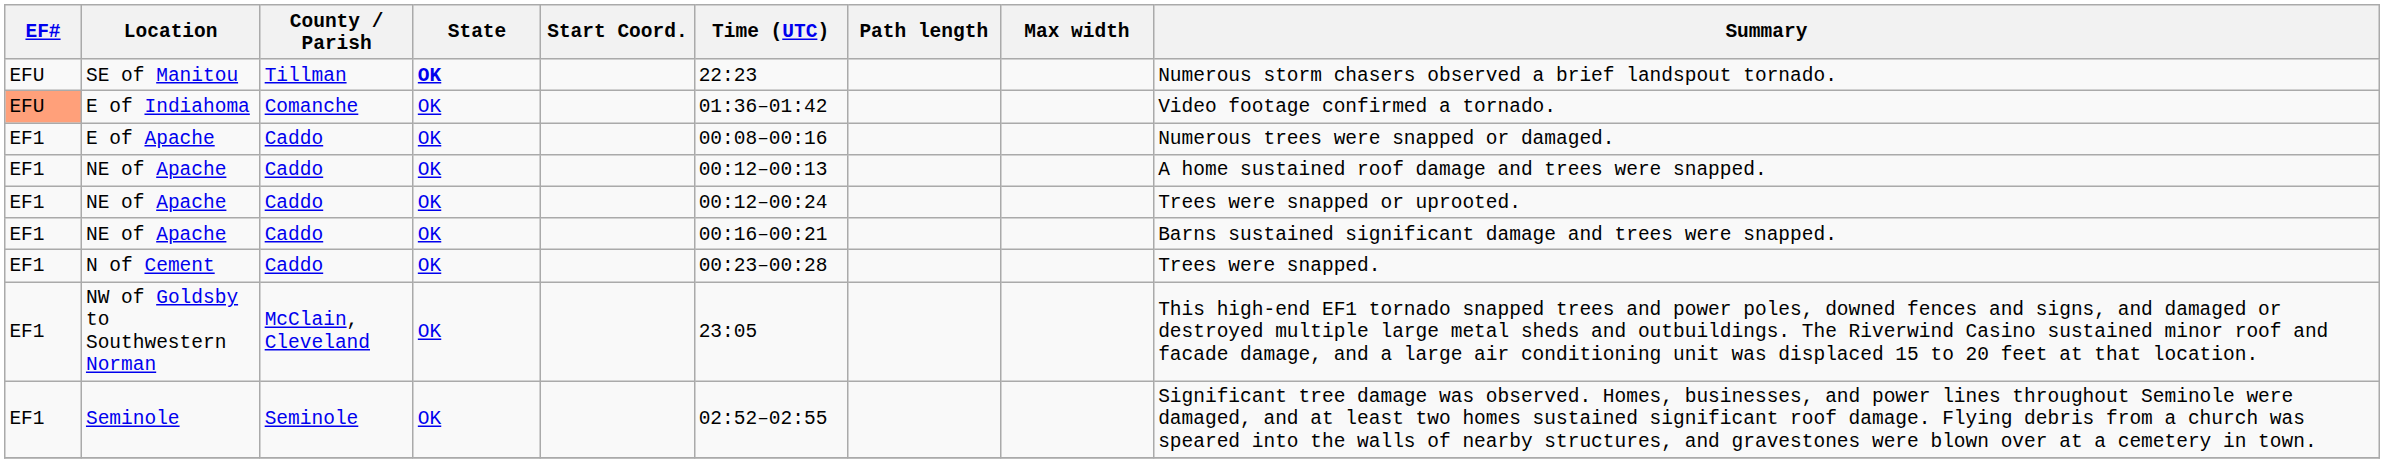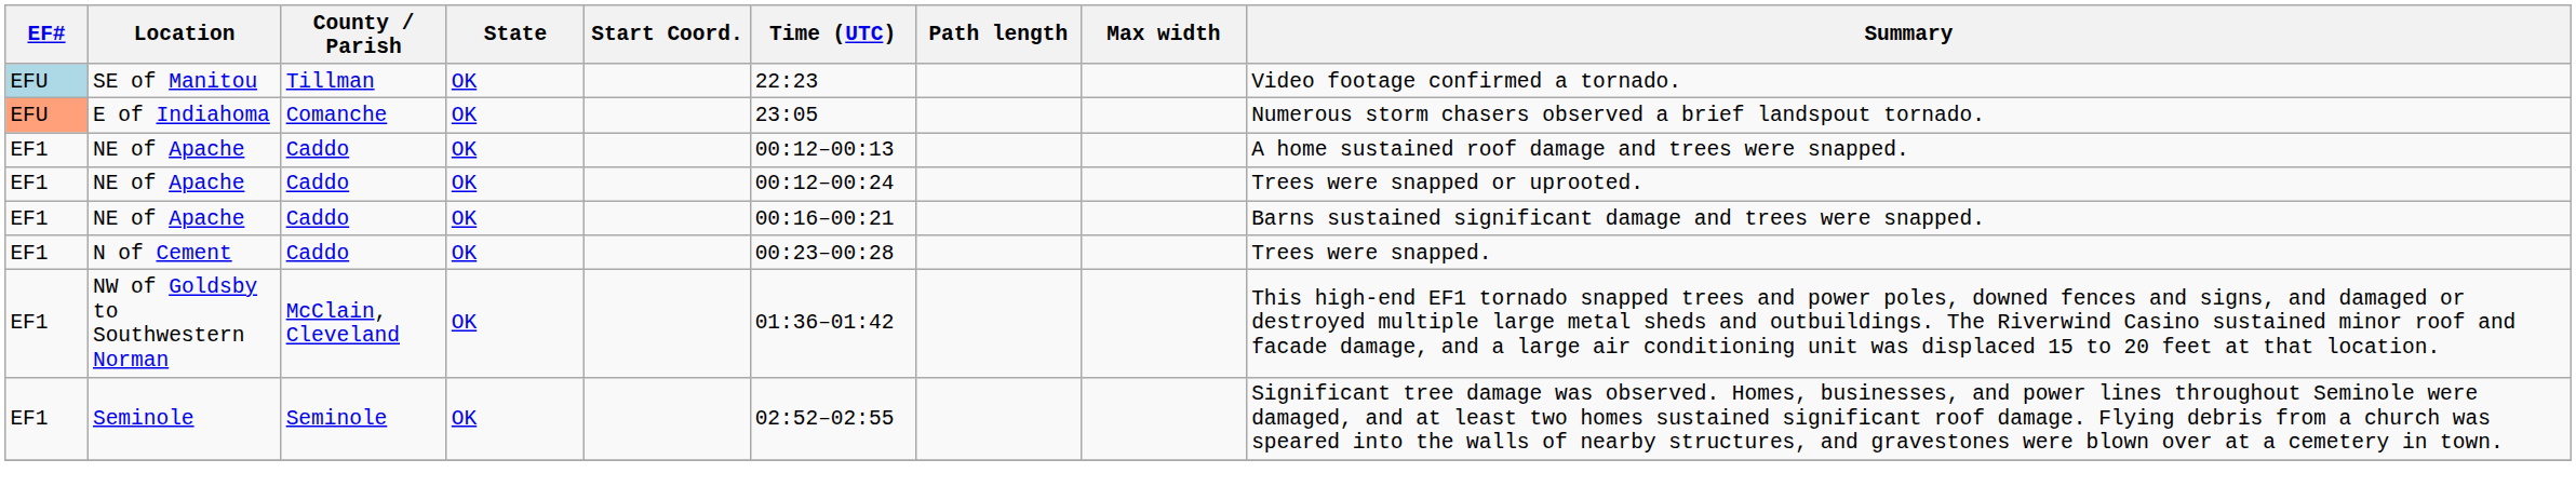 <table class="wikitable sortable" style="width:100%;">
 <tr>
 <th scope="col"  style="width:3%; text-align:center;"><a href='#'>EF#</a></th>
 <th scope="col"  style="width:7%; text-align:center;" class="unsortable">Location</th>
 <th scope="col"  style="width:6%; text-align:center;" class="unsortable">County / Parish</th>
 <th scope="col"  style="width:5%; text-align:center;">State</th>
 <th scope="col"  style="width:6%; text-align:center;">Start Coord.</th>
 <th scope="col"  style="width:6%; text-align:center;">Time (<a href='#'>UTC</a>)</th>
 <th scope="col"  style="width:6%; text-align:center;">Path length</th>
 <th scope="col"  style="width:6%; text-align:center;">Max width</th>
 <th scope="col" class="unsortable" style="width:48%; text-align:center;">Summary</th>
 </tr>
 <tr>
-<td>EFU</td>
+<td style="background: lightblue;">EFU</td>
 <td>SE of <a href='#'>Manitou</a></td>
 <td><a href='#'>Tillman</a></td>
-<td><strong><a href='#'>OK</a></strong></td>
+<td><a href='#'>OK</a></td>
 <td></td>
 <td>22:23</td>
 <td></td>
 <td></td>
-<td>Numerous storm chasers observed a brief landspout tornado.</td>
+<td>Video footage confirmed a tornado.</td>
 </tr>
 <tr>
 <td style="background: lightsalmon;">EFU</td>
 <td>E of <a href='#'>Indiahoma</a></td>
 <td><a href='#'>Comanche</a></td>
 <td><a href='#'>OK</a></td>
 <td></td>
-<td>01:36–01:42</td>
+<td>23:05</td>
 <td></td>
 <td></td>
-<td>Video footage confirmed a tornado.</td>
-</tr>
-<tr>
-<td>EF1</td>
-<td>E of <a href='#'>Apache</a></td>
-<td><a href='#'>Caddo</a></td>
-<td><a href='#'>OK</a></td>
-<td></td>
-<td>00:08–00:16</td>
-<td></td>
-<td></td>
-<td>Numerous trees were snapped or damaged.</td>
+<td>Numerous storm chasers observed a brief landspout tornado.</td>
 </tr>
 <tr>
 <td>EF1</td>
 <td>NE of <a href='#'>Apache</a></td>
 <td><a href='#'>Caddo</a></td>
 <td><a href='#'>OK</a></td>
 <td></td>
 <td>00:12–00:13</td>
 <td></td>
 <td></td>
 <td>A home sustained roof damage and trees were snapped.</td>
 </tr>
 <tr>
 <td>EF1</td>
 <td>NE of <a href='#'>Apache</a></td>
 <td><a href='#'>Caddo</a></td>
 <td><a href='#'>OK</a></td>
 <td></td>
 <td>00:12–00:24</td>
 <td></td>
 <td></td>
 <td>Trees were snapped or uprooted.</td>
 </tr>
 <tr>
 <td>EF1</td>
 <td>NE of <a href='#'>Apache</a></td>
 <td><a href='#'>Caddo</a></td>
 <td><a href='#'>OK</a></td>
 <td></td>
 <td>00:16–00:21</td>
 <td></td>
 <td></td>
 <td>Barns sustained significant damage and trees were snapped.</td>
 </tr>
 <tr>
 <td>EF1</td>
 <td>N of <a href='#'>Cement</a></td>
 <td><a href='#'>Caddo</a></td>
 <td><a href='#'>OK</a></td>
 <td></td>
 <td>00:23–00:28</td>
 <td></td>
 <td></td>
 <td>Trees were snapped.</td>
 </tr>
 <tr>
 <td>EF1</td>
 <td>NW of <a href='#'>Goldsby</a> to Southwestern <a href='#'>Norman</a></td>
 <td><a href='#'>McClain</a>, <a href='#'>Cleveland</a></td>
 <td><a href='#'>OK</a></td>
 <td></td>
-<td>23:05</td>
+<td>01:36–01:42</td>
 <td></td>
 <td></td>
 <td>This high-end EF1 tornado snapped trees and power poles, downed fences and signs, and damaged or destroyed multiple large metal sheds and outbuildings. The Riverwind Casino sustained minor roof and facade damage, and a large air conditioning unit was displaced 15 to 20 feet at that location.</td>
 </tr>
 <tr>
 <td>EF1</td>
 <td><a href='#'>Seminole</a></td>
 <td><a href='#'>Seminole</a></td>
 <td><a href='#'>OK</a></td>
 <td></td>
 <td>02:52–02:55</td>
 <td></td>
 <td></td>
 <td>Significant tree damage was observed. Homes, businesses, and power lines throughout Seminole were damaged, and at least two homes sustained significant roof damage. Flying debris from a church was speared into the walls of nearby structures, and gravestones were blown over at a cemetery in town.</td>
 </tr>
 <tr>
 </tr>
 </table>
